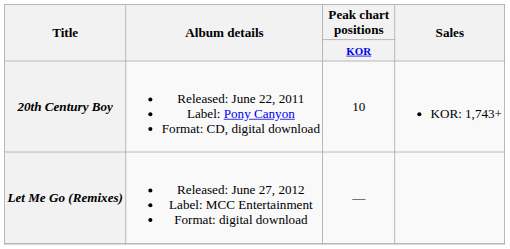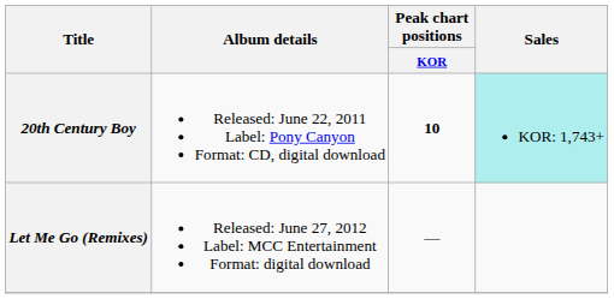 <table class="wikitable plainrowheaders" style="text-align:center;">
 <tr>
 <th rowspan="2" scope="col">Title</th>
 <th rowspan="2" scope="col">Album details</th>
 <th colspan="1" scope="col" style="width:5em;">Peak chart positions</th>
 <th rowspan="2" scope="col">Sales</th>
 </tr>
 <tr>
 <th><small><a href='#'>KOR</a></small><br></th>
 </tr>
 <tr>
 <th scope="row"><em>20th Century Boy</em></th>
 <td><br><ul><li>Released: June 22, 2011</li><li>Label: <a href='#'>Pony Canyon</a></li><li>Format: CD, digital download</li></ul></td>
-<td>10</td>
-<td><br><ul><li>KOR: 1,743+</li></ul></td>
+<td><strong>10</strong></td>
+<td style="background: paleturquoise;"><br><ul><li>KOR: 1,743+</li></ul></td>
 </tr>
 <tr>
 <th scope="row"><em>Let Me Go (Remixes)</em></th>
 <td><br><ul><li>Released: June 27, 2012</li><li>Label: MCC Entertainment</li><li>Format: digital download</li></ul></td>
 <td>—</td>
 <td></td>
 </tr>
 <tr>
 </tr>
 </table>
